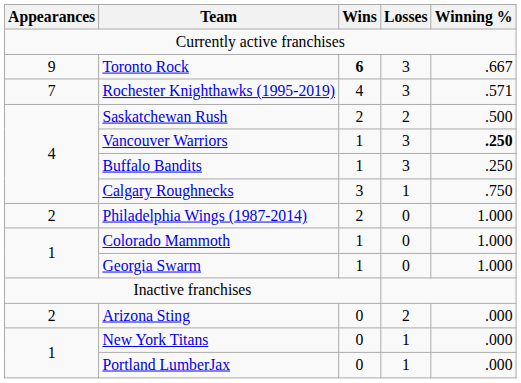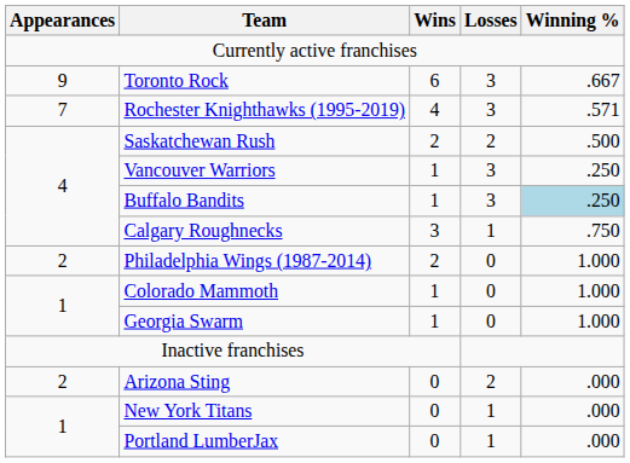 <table class="wikitable" style="font-size: 100%">
 <tr bgcolor="#efefef">
 <th>Appearances</th>
 <th>Team</th>
 <th>Wins</th>
 <th>Losses</th>
 <th>Winning %</th>
 </tr>
 <tr>
 <td colspan="6" align="center">Currently active franchises</td>
 </tr>
 <tr>
 <td align="center">9</td>
 <td><a href='#'>Toronto Rock</a></td>
-<td align="center"><strong>6</strong></td>
+<td align="center">6</td>
 <td align="center">3</td>
 <td align="right">.667</td>
 </tr>
 <tr>
 <td align="center">7</td>
 <td><a href='#'>Rochester Knighthawks (1995-2019)</a></td>
 <td align="center">4</td>
 <td align="center">3</td>
 <td align="right">.571</td>
 </tr>
 <tr>
 <td rowspan="4" align="center">4</td>
 <td><a href='#'>Saskatchewan Rush</a></td>
 <td align="center">2</td>
 <td align="center">2</td>
 <td align="right">.500</td>
 </tr>
 <tr>
 <td><a href='#'>Vancouver Warriors</a></td>
 <td align="center">1</td>
 <td align="center">3</td>
-<td align="right"><strong>.250</strong></td>
+<td align="right">.250</td>
 </tr>
 <tr>
 <td><a href='#'>Buffalo Bandits</a></td>
 <td align="center">1</td>
 <td align="center">3</td>
-<td align="right">.250</td>
+<td align="right" style="background: lightblue;">.250</td>
 </tr>
 <tr>
 <td><a href='#'>Calgary Roughnecks</a></td>
 <td align="center">3</td>
 <td align="center">1</td>
 <td align="right">.750</td>
 </tr>
 <tr>
 <td align="center">2</td>
 <td><a href='#'>Philadelphia Wings (1987-2014)</a></td>
 <td align="center">2</td>
 <td align="center">0</td>
 <td align="right">1.000</td>
 </tr>
 <tr>
 <td rowspan="2" align="center">1</td>
 <td><a href='#'>Colorado Mammoth</a></td>
 <td align="center">1</td>
 <td align="center">0</td>
 <td align="right">1.000</td>
 </tr>
 <tr>
 <td><a href='#'>Georgia Swarm</a></td>
 <td align="center">1</td>
 <td align="center">0</td>
 <td align="right">1.000</td>
 </tr>
 <tr>
 <td colspan="3" align="center">Inactive franchises</td>
 </tr>
 <tr>
 <td rowspan="1" align="center">2</td>
 <td><a href='#'>Arizona Sting</a></td>
 <td align="center">0</td>
 <td align="center">2</td>
 <td align="right">.000</td>
 </tr>
 <tr>
 <td rowspan="2" align="center">1</td>
 <td><a href='#'>New York Titans</a></td>
 <td align="center">0</td>
 <td align="center">1</td>
 <td align="right">.000</td>
 </tr>
 <tr>
 <td><a href='#'>Portland LumberJax</a></td>
 <td align="center">0</td>
 <td align="center">1</td>
 <td align="right">.000</td>
 </tr>
 </table>
